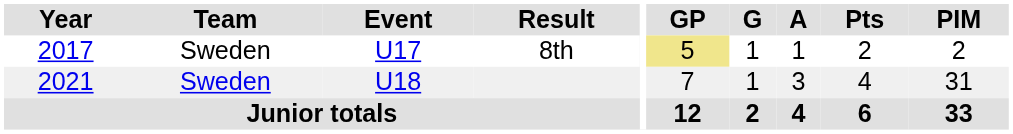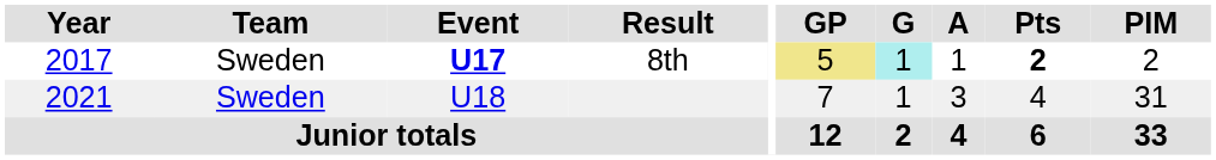 <table border="0" cellpadding="1" cellspacing="0" ID="Table3" style="text-align:center; width:40em">
 <tr ALIGN="center" bgcolor="#e0e0e0">
 <th>Year</th>
 <th>Team</th>
 <th>Event</th>
 <th>Result</th>
 <th rowspan="99" bgcolor="#ffffff"></th>
 <th>GP</th>
 <th>G</th>
 <th>A</th>
 <th>Pts</th>
 <th>PIM</th>
 </tr>
 <tr>
 <td><a href='#'>2017</a></td>
 <td>Sweden</td>
-<td><a href='#'>U17</a></td>
+<td><strong><a href='#'>U17</a></strong></td>
 <td>8th</td>
 <td style="background: khaki;">5</td>
+<td style="background: paleturquoise;">1</td>
 <td>1</td>
-<td>1</td>
-<td>2</td>
+<td><strong>2</strong></td>
 <td>2</td>
 </tr>
 <tr style="background:#f0f0f0;">
 <td><a href='#'>2021</a></td>
 <td><a href='#'>Sweden</a></td>
 <td><a href='#'>U18</a></td>
 <td></td>
 <td>7</td>
 <td>1</td>
 <td>3</td>
 <td>4</td>
 <td>31</td>
 </tr>
 <tr ALIGN="center" bgcolor="#e0e0e0">
 <th colspan=4>Junior totals</th>
 <th>12</th>
 <th>2</th>
 <th>4</th>
 <th>6</th>
 <th>33</th>
 </tr>
 </table>
